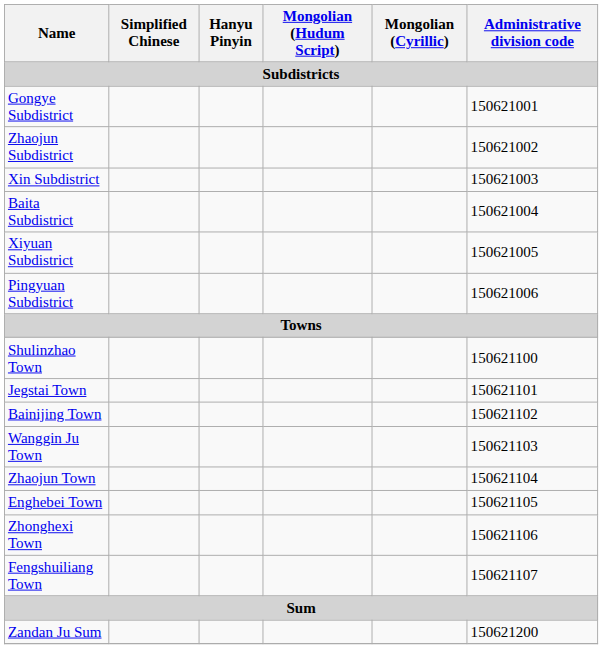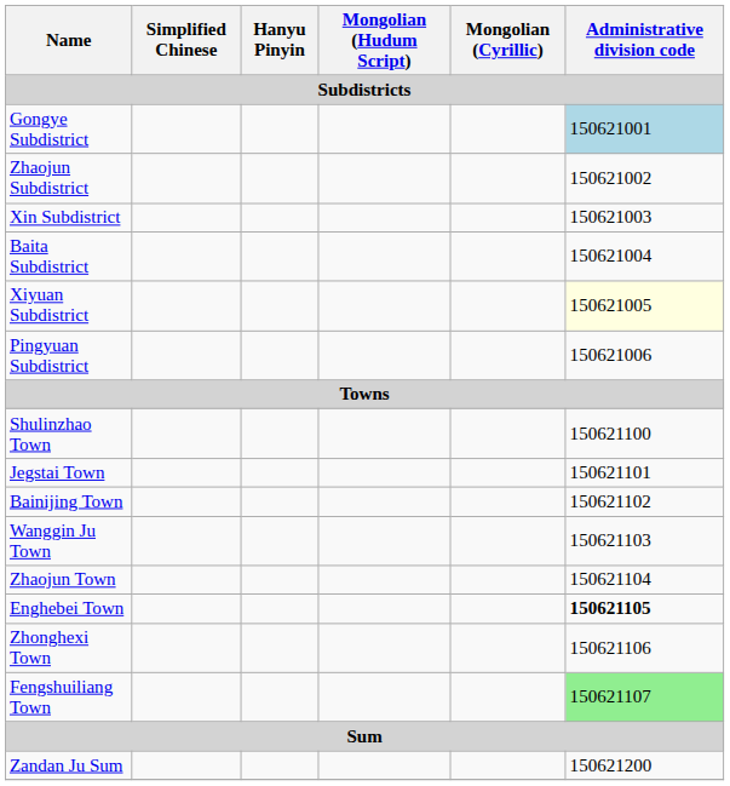 <table class="wikitable" align="center" style="width:50%; border="1">
 <tr>
 <th>Name</th>
 <th>Simplified Chinese</th>
 <th>Hanyu Pinyin</th>
 <th><a href='#'>Mongolian</a> (<a href='#'>Hudum Script</a>)</th>
 <th>Mongolian (<a href='#'>Cyrillic</a>)</th>
 <th><a href='#'>Administrative division code</a></th>
 </tr>
 <tr>
 <td colspan="6"  style="text-align:center; background:#d3d3d3;"><strong>Subdistricts</strong></td>
 </tr>
 <tr --------->
 <td><a href='#'>Gongye Subdistrict</a></td>
 <td></td>
 <td></td>
 <td></td>
 <td></td>
-<td>150621001</td>
+<td style="background: lightblue;">150621001</td>
 </tr>
 <tr>
 <td><a href='#'>Zhaojun Subdistrict</a></td>
 <td></td>
 <td></td>
 <td></td>
 <td></td>
 <td>150621002</td>
 </tr>
 <tr>
 <td><a href='#'>Xin Subdistrict</a></td>
 <td></td>
 <td></td>
 <td></td>
 <td></td>
 <td>150621003</td>
 </tr>
 <tr>
 <td><a href='#'>Baita Subdistrict</a></td>
 <td></td>
 <td></td>
 <td></td>
 <td></td>
 <td>150621004</td>
 </tr>
 <tr>
 <td><a href='#'>Xiyuan Subdistrict</a></td>
 <td></td>
 <td></td>
 <td></td>
 <td></td>
-<td>150621005</td>
+<td style="background: lightyellow;">150621005</td>
 </tr>
 <tr>
 <td><a href='#'>Pingyuan Subdistrict</a></td>
 <td></td>
 <td></td>
 <td></td>
 <td></td>
 <td>150621006</td>
 </tr>
 <tr>
 <td colspan="6"  style="text-align:center; background:#d3d3d3;"><strong>Towns</strong></td>
 </tr>
 <tr --------->
 <td><a href='#'>Shulinzhao Town</a></td>
 <td></td>
 <td></td>
 <td></td>
 <td></td>
 <td>150621100</td>
 </tr>
 <tr>
 <td><a href='#'>Jegstai Town</a></td>
 <td></td>
 <td></td>
 <td></td>
 <td></td>
 <td>150621101</td>
 </tr>
 <tr>
 <td><a href='#'>Bainijing Town</a></td>
 <td></td>
 <td></td>
 <td></td>
 <td></td>
 <td>150621102</td>
 </tr>
 <tr>
 <td><a href='#'>Wanggin Ju Town</a></td>
 <td></td>
 <td></td>
 <td></td>
 <td></td>
 <td>150621103</td>
 </tr>
 <tr>
 <td><a href='#'>Zhaojun Town</a></td>
 <td></td>
 <td></td>
 <td></td>
 <td></td>
 <td>150621104</td>
 </tr>
 <tr>
 <td><a href='#'>Enghebei Town</a></td>
 <td></td>
 <td></td>
 <td></td>
 <td></td>
-<td>150621105</td>
+<td><strong>150621105</strong></td>
 </tr>
 <tr>
 <td><a href='#'>Zhonghexi Town</a></td>
 <td></td>
 <td></td>
 <td></td>
 <td></td>
 <td>150621106</td>
 </tr>
 <tr>
 <td><a href='#'>Fengshuiliang Town</a></td>
 <td></td>
 <td></td>
 <td></td>
 <td></td>
-<td>150621107</td>
+<td style="background: lightgreen;">150621107</td>
 </tr>
 <tr>
 <td colspan="6"  style="text-align:center; background:#d3d3d3;"><strong>Sum</strong></td>
 </tr>
 <tr --------->
 <td><a href='#'>Zandan Ju Sum</a></td>
 <td></td>
 <td></td>
 <td></td>
 <td></td>
 <td>150621200</td>
 </tr>
 <tr>
 </tr>
 </table>
